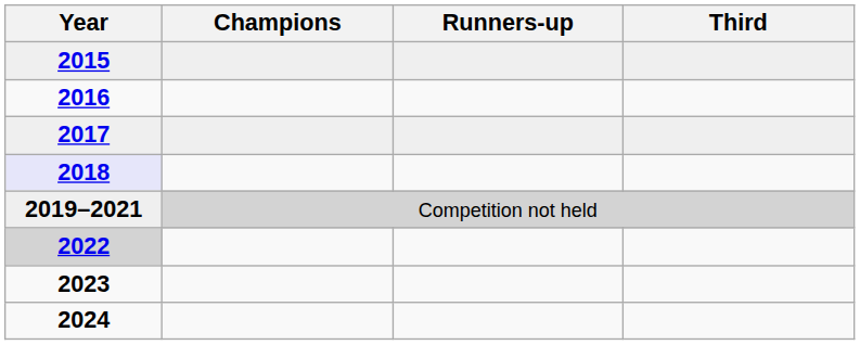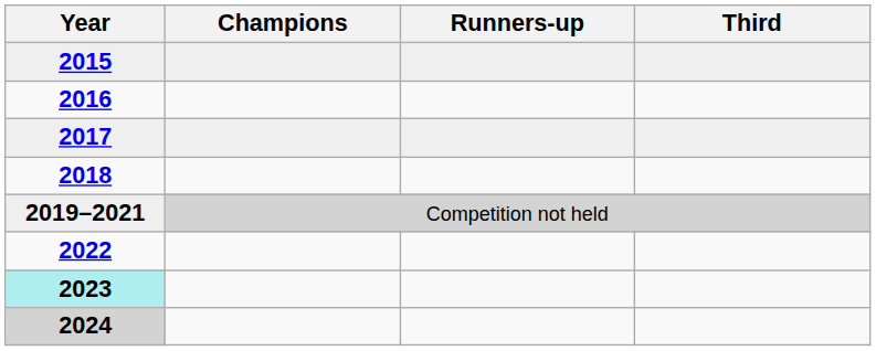 <table class="wikitable centre" style="text-align:center;">
 <tr>
 <th scope="col" style="width:100px;">Year</th>
 <th scope="col" style="width:150px;">Champions</th>
 <th scope="col" style="width:150px;">Runners-up</th>
 <th scope="col" style="width:150px;">Third</th>
 </tr>
 <tr style="background:#EFEFEF">
 <td><strong><a href='#'>2015</a></strong></td>
 <td><strong></strong></td>
 <td></td>
 <td></td>
 </tr>
 <tr>
 <td><strong><a href='#'>2016</a></strong></td>
 <td><strong></strong></td>
 <td></td>
 <td></td>
 </tr>
 <tr style="background:#EFEFEF">
 <td><strong><a href='#'>2017</a></strong></td>
 <td><strong></strong></td>
 <td></td>
 <td></td>
 </tr>
 <tr>
-<td style="background: lavender;"><strong><a href='#'>2018</a></strong></td>
+<td><strong><a href='#'>2018</a></strong></td>
 <td><strong></strong></td>
 <td></td>
 <td></td>
 </tr>
 <tr style="background:#EFEFEF">
 <td><strong>2019–2021</strong></td>
 <td colspan="3" bgcolor="#D3D3D3" align="center"><small>Competition not held</small></td>
 </tr>
 <tr>
-<td style="background: lightgrey;"><strong><a href='#'>2022</a></strong></td>
+<td><strong><a href='#'>2022</a></strong></td>
 <td><strong></strong></td>
 <td></td>
 <td></td>
 </tr>
 <tr>
-<td><strong>2023</strong></td>
+<td style="background: paleturquoise;"><strong>2023</strong></td>
 <td><strong></strong></td>
 <td></td>
 <td></td>
 </tr>
 <tr>
-<td><strong>2024</strong></td>
+<td style="background: lightgrey;"><strong>2024</strong></td>
 <td><strong></strong></td>
 <td></td>
 <td></td>
 </tr>
 </table>
